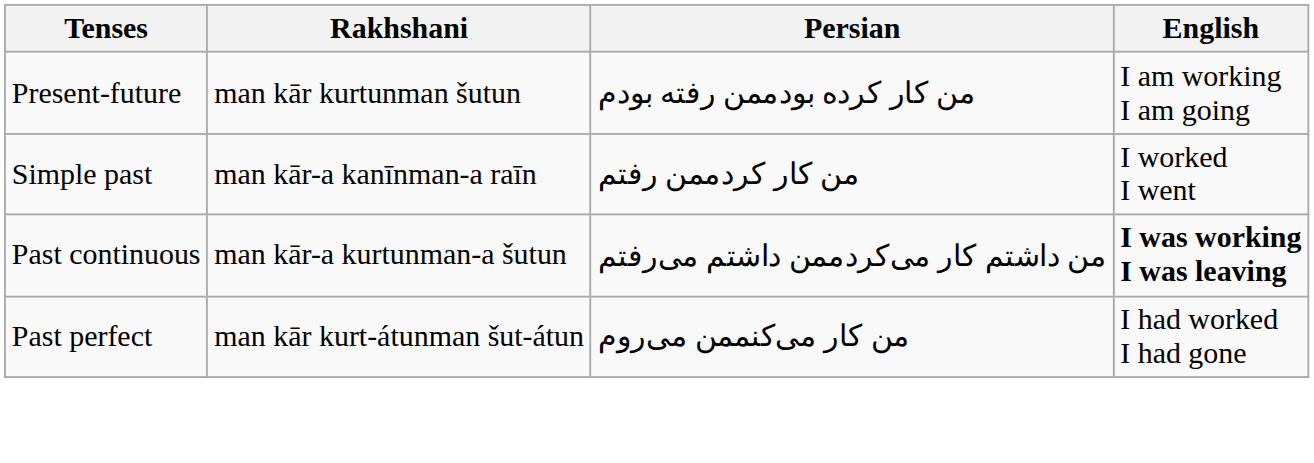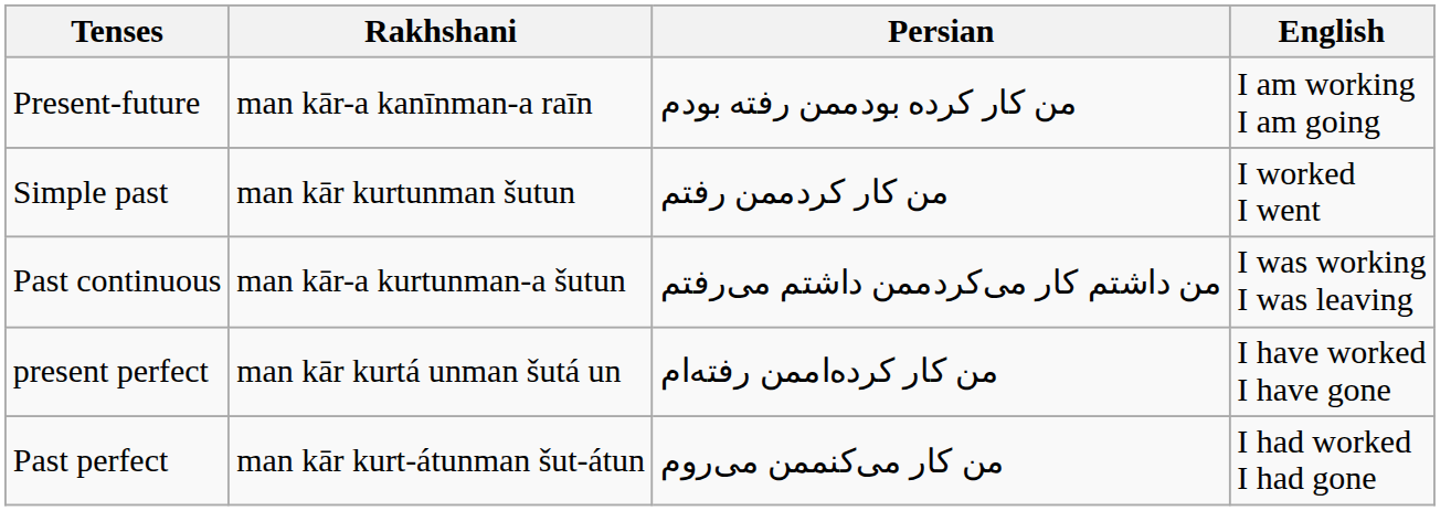 <table class="wikitable">
 <tr>
 <th>Tenses</th>
 <th>Rakhshani</th>
 <th>Persian</th>
 <th>English</th>
 </tr>
 <tr>
 <td>Present-future</td>
-<td>man kār kurtunman šutun</td>
+<td>man kār-a kanīnman-a raīn</td>
 <td>من کار کرده بودممن رفته بودم</td>
 <td>I am working<br>I am going</td>
 </tr>
 <tr>
 <td>Simple past</td>
-<td>man kār-a kanīnman-a raīn</td>
+<td>man kār kurtunman šutun</td>
 <td>من کار کردممن رفتم</td>
 <td>I worked<br>I went</td>
 </tr>
 <tr>
 <td>Past continuous</td>
 <td>man kār-a kurtunman-a šutun</td>
 <td>من داشتم کار می‌کردممن داشتم می‌رفتم</td>
-<td><strong>I was working<br>I was leaving</strong></td>
+<td>I was working<br>I was leaving</td>
+</tr>
+<tr>
+<td>present perfect</td>
+<td>man kār kurtá unman šutá un</td>
+<td>من کار کرده‌اممن رفته‌ام</td>
+<td>I have worked<br>I have gone</td>
 </tr>
 <tr>
 <td>Past perfect</td>
 <td>man kār kurt-átunman šut-átun</td>
 <td>من کار می‌کنممن می‌روم</td>
 <td>I had worked<br>I had gone</td>
 </tr>
 </table>
